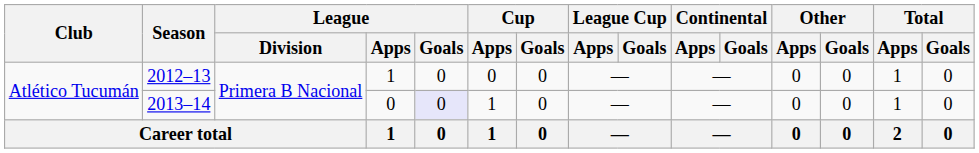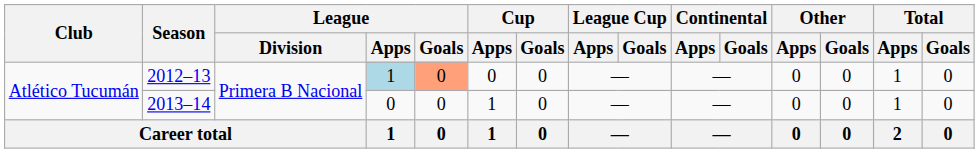 <table class="wikitable" style="text-align:center">
 <tr>
 <th rowspan="2">Club</th>
 <th rowspan="2">Season</th>
 <th colspan="3">League</th>
 <th colspan="2">Cup</th>
 <th colspan="2">League Cup</th>
 <th colspan="2">Continental</th>
 <th colspan="2">Other</th>
 <th colspan="2">Total</th>
 </tr>
 <tr>
 <th>Division</th>
 <th>Apps</th>
 <th>Goals</th>
 <th>Apps</th>
 <th>Goals</th>
 <th>Apps</th>
 <th>Goals</th>
 <th>Apps</th>
 <th>Goals</th>
 <th>Apps</th>
 <th>Goals</th>
 <th>Apps</th>
 <th>Goals</th>
 </tr>
 <tr>
 <td rowspan="2"><a href='#'>Atlético Tucumán</a></td>
 <td><a href='#'>2012–13</a></td>
 <td rowspan="2"><a href='#'>Primera B Nacional</a></td>
-<td>1</td>
-<td>0</td>
+<td style="background: lightblue;">1</td>
+<td style="background: lightsalmon;">0</td>
 <td>0</td>
 <td>0</td>
 <td colspan="2">—</td>
 <td colspan="2">—</td>
 <td>0</td>
 <td>0</td>
 <td>1</td>
 <td>0</td>
 </tr>
 <tr>
 <td><a href='#'>2013–14</a></td>
 <td>0</td>
-<td style="background: lavender;">0</td>
+<td>0</td>
 <td>1</td>
 <td>0</td>
 <td colspan="2">—</td>
 <td colspan="2">—</td>
 <td>0</td>
 <td>0</td>
 <td>1</td>
 <td>0</td>
 </tr>
 <tr>
 <th colspan="3">Career total</th>
 <th>1</th>
 <th>0</th>
 <th>1</th>
 <th>0</th>
 <th colspan="2">—</th>
 <th colspan="2">—</th>
 <th>0</th>
 <th>0</th>
 <th>2</th>
 <th>0</th>
 </tr>
 </table>
